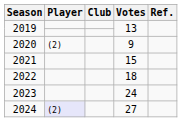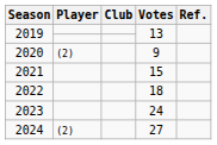 <table class="wikitable sortable" style="text-align:center">
 <tr>
 <th>Season</th>
 <th>Player</th>
 <th>Club</th>
 <th>Votes</th>
 <th class="unsortable">Ref.</th>
 </tr>
 <tr>
 <td rowspan="2">2019</td>
 <td align=left></td>
 <td align="left"></td>
 <td rowspan="2">13</td>
 <td rowspan="2"></td>
 </tr>
 <tr>
 <td align="left"></td>
 <td align="left"></td>
 </tr>
 <tr>
 <td>2020</td>
 <td align=left> <small>(2)</small></td>
 <td align=left></td>
 <td>9</td>
 <td></td>
 </tr>
 <tr>
 <td>2021</td>
 <td align=left></td>
 <td align=left></td>
 <td>15</td>
 <td></td>
 </tr>
 <tr>
 <td>2022</td>
 <td align=left></td>
 <td align=left></td>
 <td>18</td>
 <td></td>
 </tr>
 <tr>
 <td>2023</td>
 <td align=left></td>
 <td align=left></td>
 <td>24</td>
 <td></td>
 </tr>
 <tr>
 <td>2024</td>
-<td align=left style="background: lavender;"> <small>(2)</small></td>
+<td align=left> <small>(2)</small></td>
 <td align=left></td>
 <td>27</td>
 <td></td>
 </tr>
 </table>
